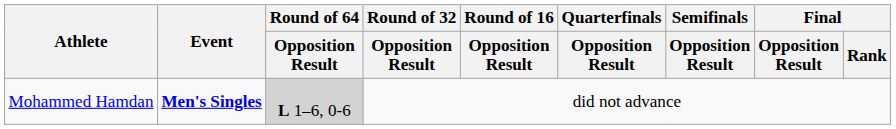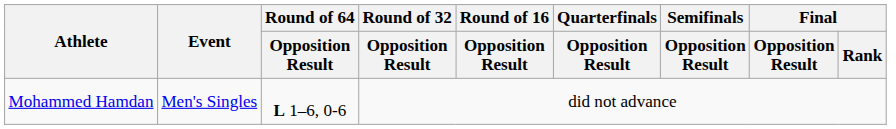 <table class="wikitable">
 <tr>
 <th rowspan="2">Athlete</th>
 <th rowspan="2">Event</th>
 <th>Round of 64</th>
 <th>Round of 32</th>
 <th>Round of 16</th>
 <th>Quarterfinals</th>
 <th>Semifinals</th>
 <th colspan="2">Final</th>
 </tr>
 <tr>
 <th>Opposition<br>Result</th>
 <th>Opposition<br>Result</th>
 <th>Opposition<br>Result</th>
 <th>Opposition<br>Result</th>
 <th>Opposition<br>Result</th>
 <th>Opposition<br>Result</th>
 <th>Rank</th>
 </tr>
 <tr align=center>
 <td align=left><a href='#'>Mohammed Hamdan</a></td>
-<td align=left><strong><a href='#'>Men's Singles</a></strong></td>
-<td style="background: lightgrey;"> <br> <strong>L</strong> 1–6, 0-6</td>
+<td align=left><a href='#'>Men's Singles</a></td>
+<td> <br> <strong>L</strong> 1–6, 0-6</td>
 <td colspan=6>did not advance</td>
 </tr>
 </table>
